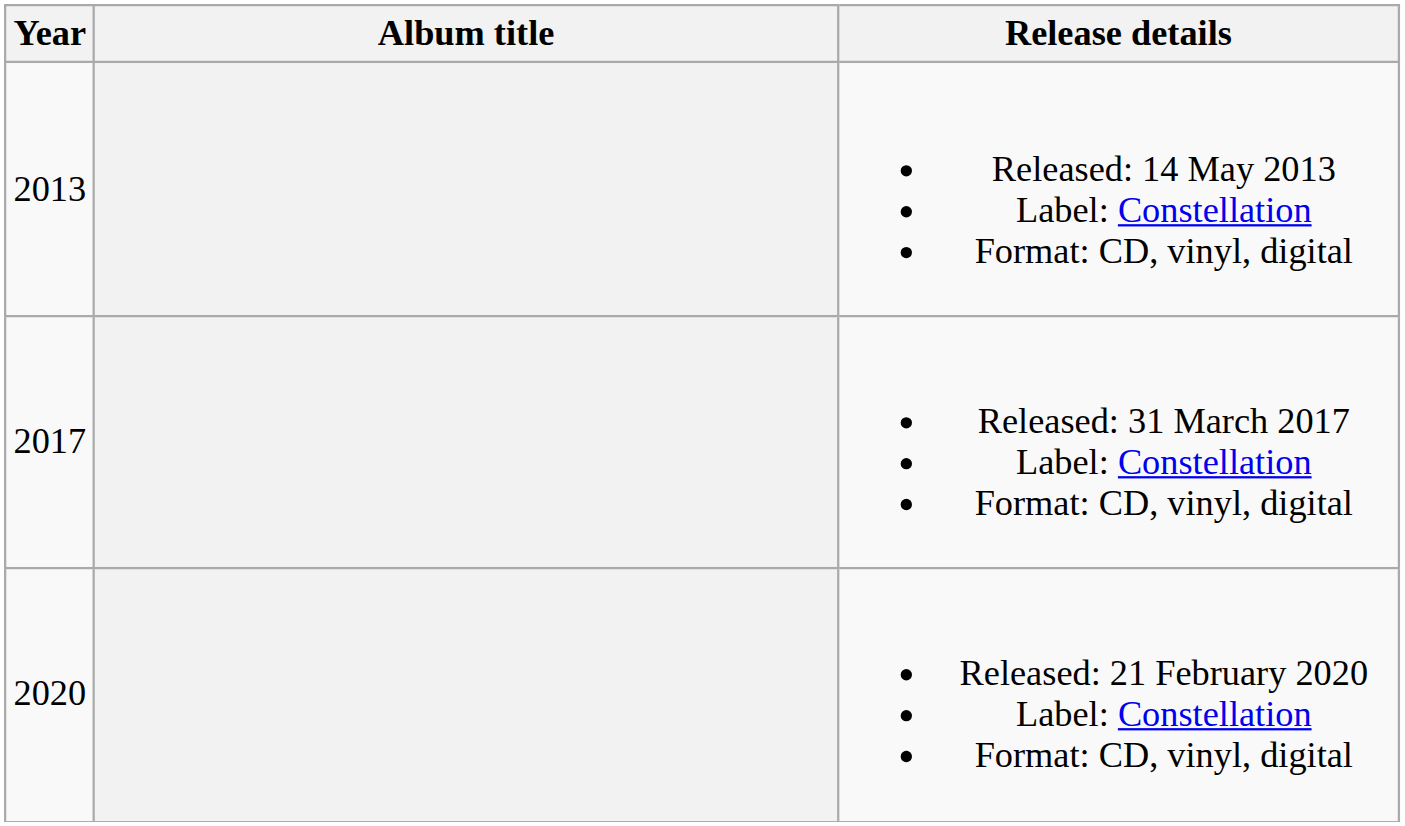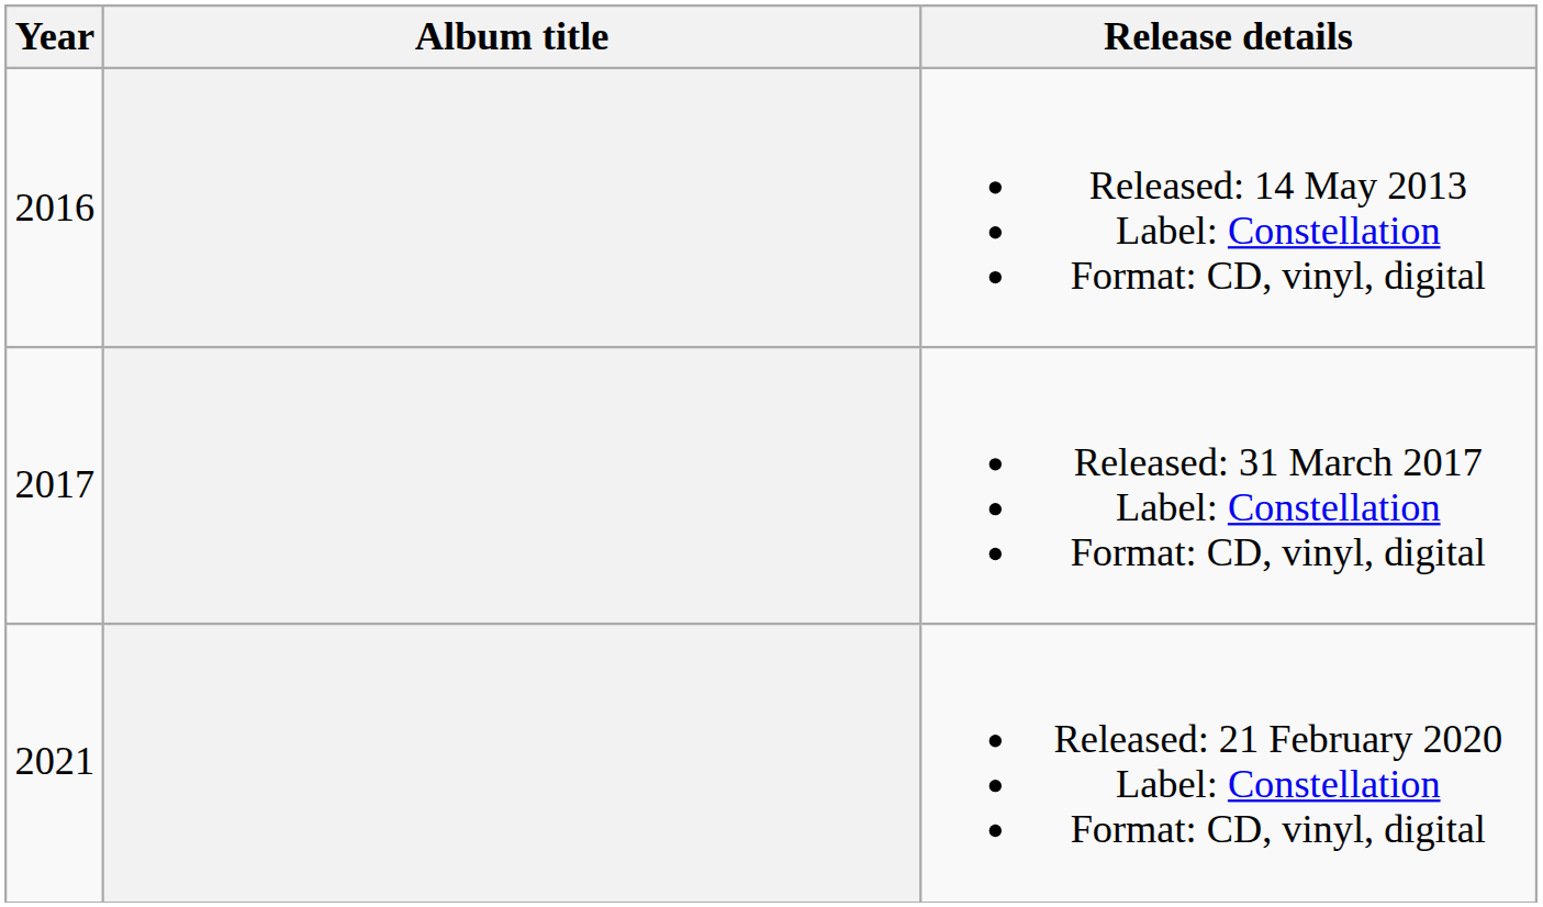 <table class="wikitable plainrowheaders" style="text-align:center;">
 <tr>
 <th>Year</th>
 <th rowspan="1" scope="col" style="width:20em;">Album title</th>
 <th rowspan="1" scope="col" style="width:15em;">Release details</th>
 </tr>
 <tr>
-<td>2013</td>
+<td>2016</td>
 <th></th>
 <td><br><ul><li>Released: 14 May 2013</li><li>Label: <a href='#'>Constellation</a></li><li>Format: CD, vinyl, digital</li></ul></td>
 </tr>
 <tr>
 <td>2017</td>
 <th></th>
 <td><br><ul><li>Released: 31 March 2017</li><li>Label: <a href='#'>Constellation</a></li><li>Format: CD, vinyl, digital</li></ul></td>
 </tr>
 <tr>
-<td>2020</td>
+<td>2021</td>
 <th></th>
 <td><br><ul><li>Released: 21 February 2020</li><li>Label: <a href='#'>Constellation</a></li><li>Format: CD, vinyl, digital</li></ul></td>
 </tr>
 <tr>
 </tr>
 </table>
